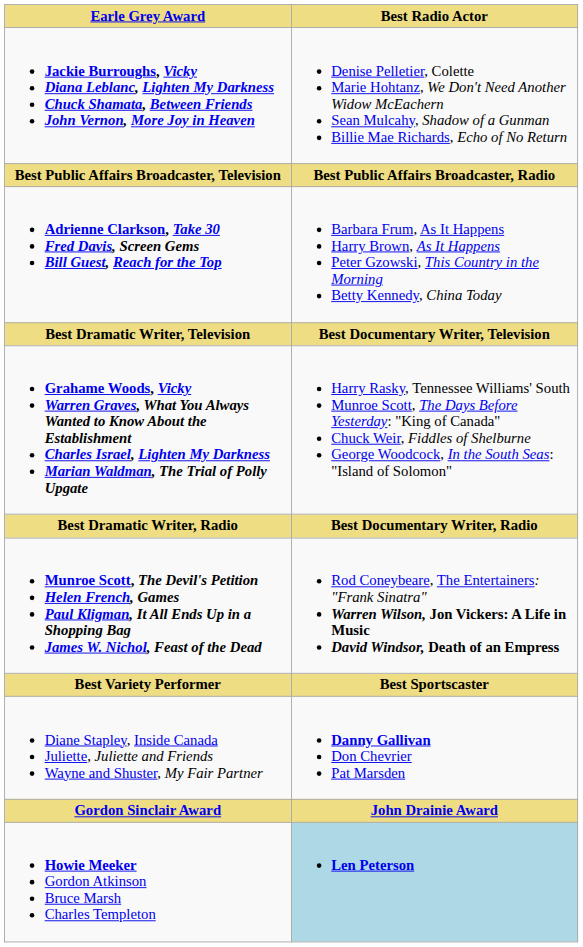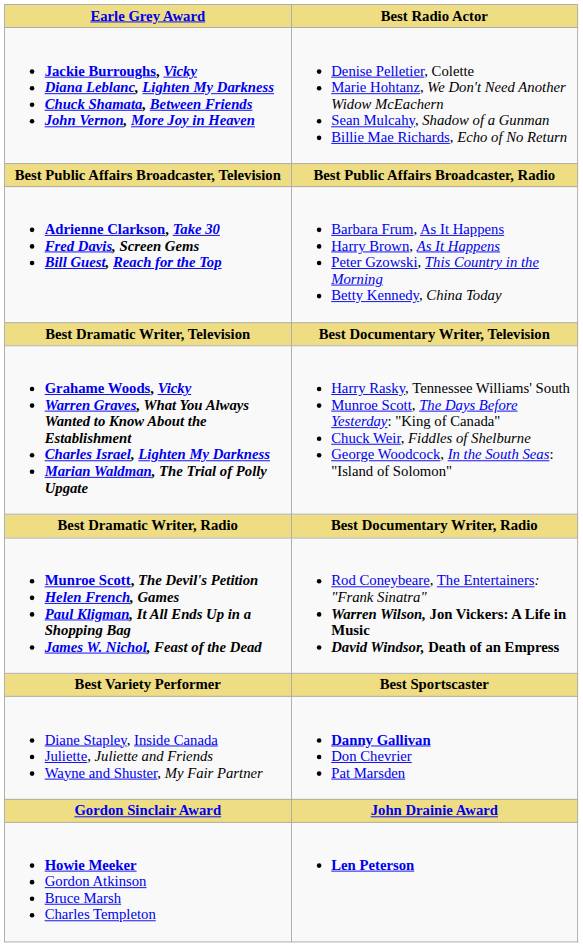 <table class=wikitable width="100%">
 <tr>
 <th style="background:#EEDD82; width:50%"><a href='#'>Earle Grey Award</a></th>
 <th style="background:#EEDD82; width:50%">Best Radio Actor</th>
 </tr>
 <tr>
 <td valign="top"><br><ul><li> <strong><a href='#'>Jackie Burroughs</a>, <em><a href='#'>Vicky</a><strong><em></li><li><a href='#'>Diana Leblanc</a>, </em><a href='#'>Lighten My Darkness</a><em></li><li><a href='#'>Chuck Shamata</a>, </em><a href='#'>Between Friends</a><em></li><li><a href='#'>John Vernon</a>, </em><a href='#'>More Joy in Heaven</a><em></li></ul></td>
 <td valign="top"><br><ul><li> </strong><a href='#'>Denise Pelletier</a>, </em>Colette</em></strong></li><li><a href='#'>Marie Hohtanz</a>, <em>We Don't Need Another Widow McEachern</em></li><li><a href='#'>Sean Mulcahy</a>, <em>Shadow of a Gunman</em></li><li><a href='#'>Billie Mae Richards</a>, <em>Echo of No Return</em></li></ul></td>
 </tr>
 <tr>
 <th style="background:#EEDD82; width:50%">Best Public Affairs Broadcaster, Television</th>
 <th style="background:#EEDD82; width:50%">Best Public Affairs Broadcaster, Radio</th>
 </tr>
 <tr>
 <td valign="top"><br><ul><li> <strong><a href='#'>Adrienne Clarkson</a>, <em><a href='#'>Take 30</a><strong><em></li><li><a href='#'>Fred Davis</a>, </em>Screen Gems<em></li><li><a href='#'>Bill Guest</a>, </em><a href='#'>Reach for the Top</a><em></li></ul></td>
 <td valign="top"><br><ul><li> </strong><a href='#'>Barbara Frum</a>, </em><a href='#'>As It Happens</a></em></strong></li><li><a href='#'>Harry Brown</a>, <em><a href='#'>As It Happens</a></em></li><li><a href='#'>Peter Gzowski</a>, <em><a href='#'>This Country in the Morning</a></em></li><li><a href='#'>Betty Kennedy</a>, <em>China Today</em></li></ul></td>
 </tr>
 <tr>
 <th style="background:#EEDD82; width:50%">Best Dramatic Writer, Television</th>
 <th style="background:#EEDD82; width:50%">Best Documentary Writer, Television</th>
 </tr>
 <tr>
 <td valign="top"><br><ul><li> <strong><a href='#'>Grahame Woods</a>, <em><a href='#'>Vicky</a><strong><em></li><li><a href='#'>Warren Graves</a>, </em>What You Always Wanted to Know About the Establishment<em></li><li><a href='#'>Charles Israel</a>, </em><a href='#'>Lighten My Darkness</a><em></li><li><a href='#'>Marian Waldman</a>, </em>The Trial of Polly Upgate<em></li></ul></td>
 <td valign="top"><br><ul><li> </strong><a href='#'>Harry Rasky</a>, </em>Tennessee Williams' South</em></strong></li><li><a href='#'>Munroe Scott</a>, <em><a href='#'>The Days Before Yesterday</a></em>: "King of Canada"</li><li><a href='#'>Chuck Weir</a>, <em>Fiddles of Shelburne</em></li><li><a href='#'>George Woodcock</a>, <em><a href='#'>In the South Seas</a></em>: "Island of Solomon"</li></ul></td>
 </tr>
 <tr>
 <th style="background:#EEDD82; width:50%">Best Dramatic Writer, Radio</th>
 <th style="background:#EEDD82; width:50%">Best Documentary Writer, Radio</th>
 </tr>
 <tr>
 <td valign="top"><br><ul><li> <strong><a href='#'>Munroe Scott</a>, <em>The Devil's Petition<strong><em></li><li><a href='#'>Helen French</a>, </em>Games<em></li><li><a href='#'>Paul Kligman</a>, </em>It All Ends Up in a Shopping Bag<em></li><li><a href='#'>James W. Nichol</a>, </em>Feast of the Dead<em></li></ul></td>
 <td valign="top"><br><ul><li> </strong><a href='#'>Rod Coneybeare</a>, </em><a href='#'>The Entertainers</a><em>: "Frank Sinatra"<strong></li><li>Warren Wilson, </em>Jon Vickers: A Life in Music<em></li><li>David Windsor, </em>Death of an Empress<em></li></ul></td>
 </tr>
 <tr>
 <th style="background:#EEDD82; width:50%">Best Variety Performer</th>
 <th style="background:#EEDD82; width:50%">Best Sportscaster</th>
 </tr>
 <tr>
 <td valign="top"><br><ul><li> </strong><a href='#'>Diane Stapley</a>, </em><a href='#'>Inside Canada</a></em></strong></li><li><a href='#'>Juliette</a>, <em>Juliette and Friends</em></li><li><a href='#'>Wayne and Shuster</a>, <em>My Fair Partner</em></li></ul></td>
 <td valign="top"><br><ul><li> <strong><a href='#'>Danny Gallivan</a></strong></li><li><a href='#'>Don Chevrier</a></li><li><a href='#'>Pat Marsden</a></li></ul></td>
 </tr>
 <tr>
 <th style="background:#EEDD82; width:50%"><a href='#'>Gordon Sinclair Award</a></th>
 <th style="background:#EEDD82; width:50%"><a href='#'>John Drainie Award</a></th>
 </tr>
 <tr>
 <td valign="top"><br><ul><li> <strong><a href='#'>Howie Meeker</a></strong></li><li><a href='#'>Gordon Atkinson</a></li><li><a href='#'>Bruce Marsh</a></li><li><a href='#'>Charles Templeton</a></li></ul></td>
-<td valign="top" style="background: lightblue;"><br><ul><li> <strong><a href='#'>Len Peterson</a></strong></li></ul></td>
+<td valign="top"><br><ul><li> <strong><a href='#'>Len Peterson</a></strong></li></ul></td>
 </tr>
 </table>
